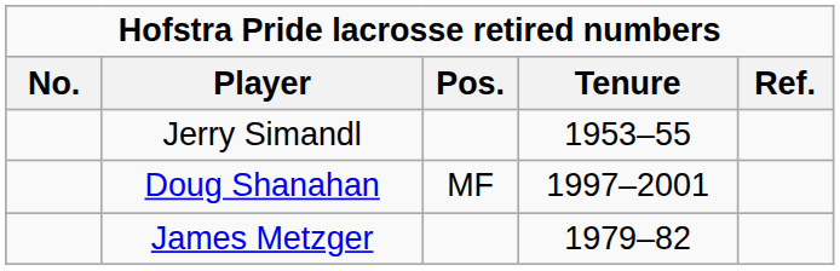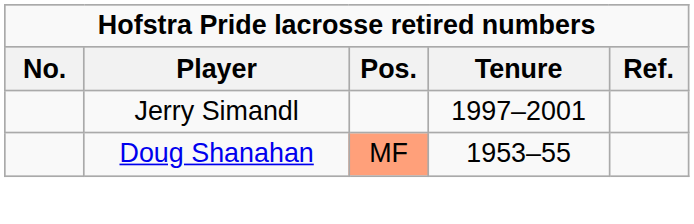 <table class="wikitable sortable" style="text-align:center">
 <tr>
 <td colspan="5"><strong>Hofstra Pride lacrosse retired numbers</strong></td>
 </tr>
 <tr>
 <th width=40px>No.</th>
 <th width=150px>Player</th>
 <th width=40px>Pos.</th>
 <th width=100px>Tenure</th>
 <th width=40px>Ref.</th>
 </tr>
 <tr>
 <td></td>
 <td>Jerry Simandl</td>
 <td></td>
-<td>1953–55</td>
+<td>1997–2001</td>
 <td></td>
 </tr>
 <tr>
 <td></td>
 <td><a href='#'>Doug Shanahan</a></td>
-<td>MF</td>
-<td>1997–2001</td>
-<td></td>
-</tr>
-<tr>
-<td></td>
-<td><a href='#'>James Metzger</a></td>
-<td></td>
-<td>1979–82</td>
+<td style="background: lightsalmon;">MF</td>
+<td>1953–55</td>
 <td></td>
 </tr>
 </table>
